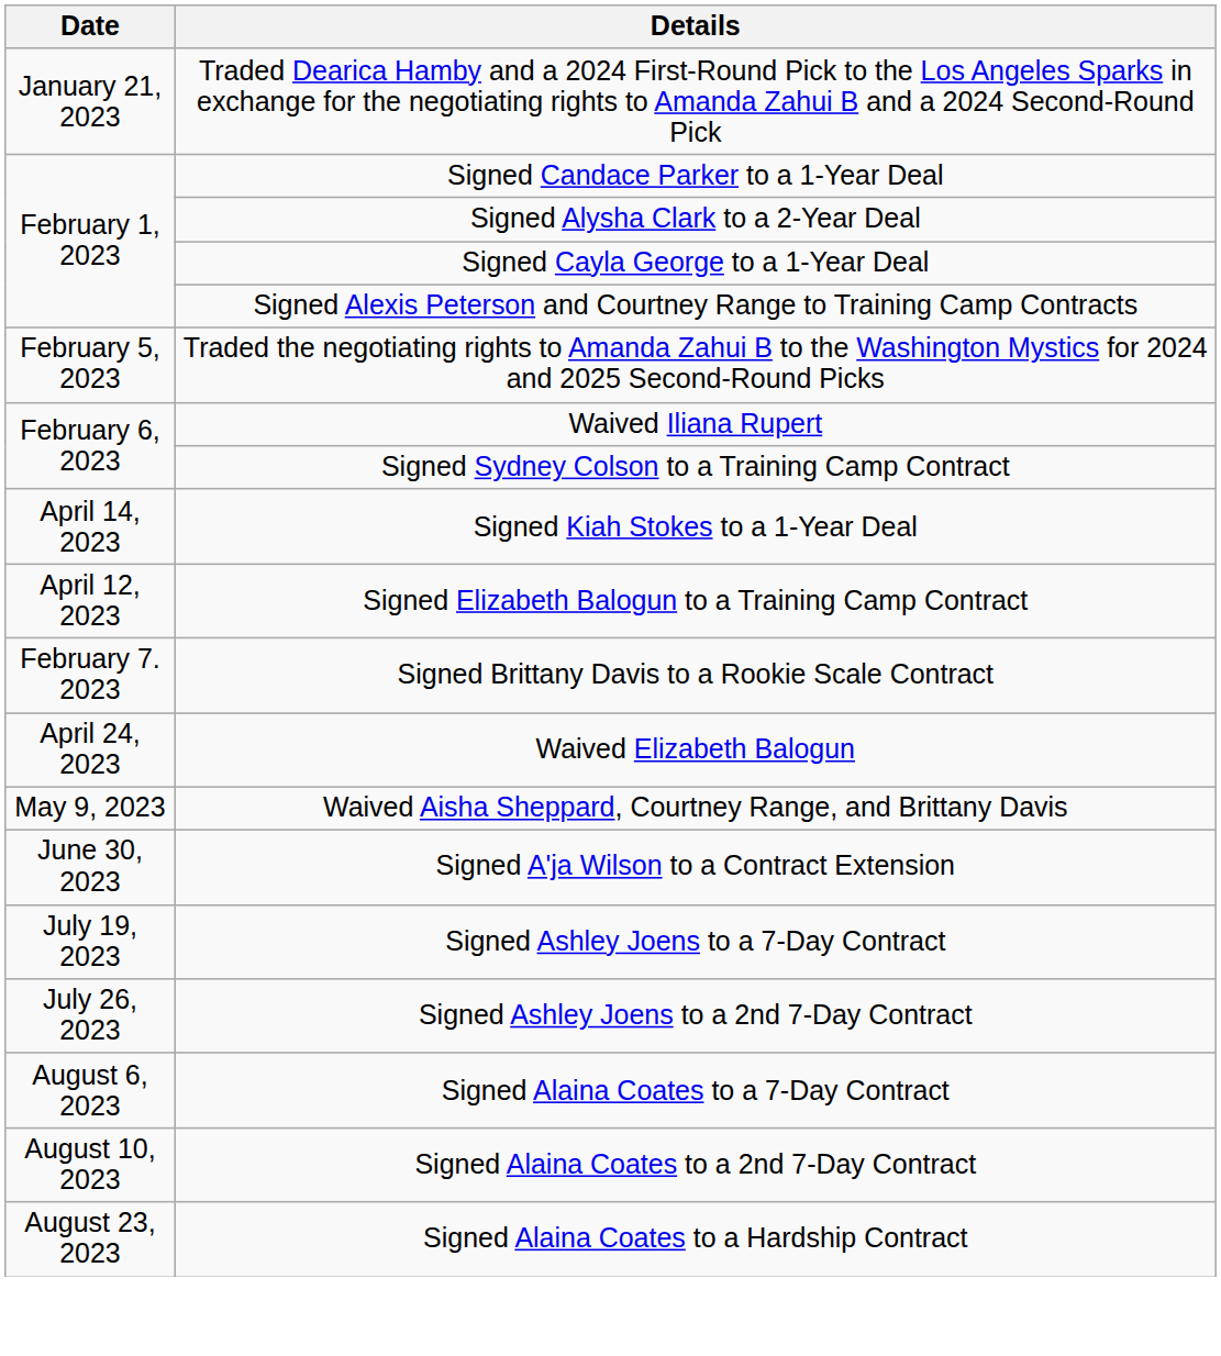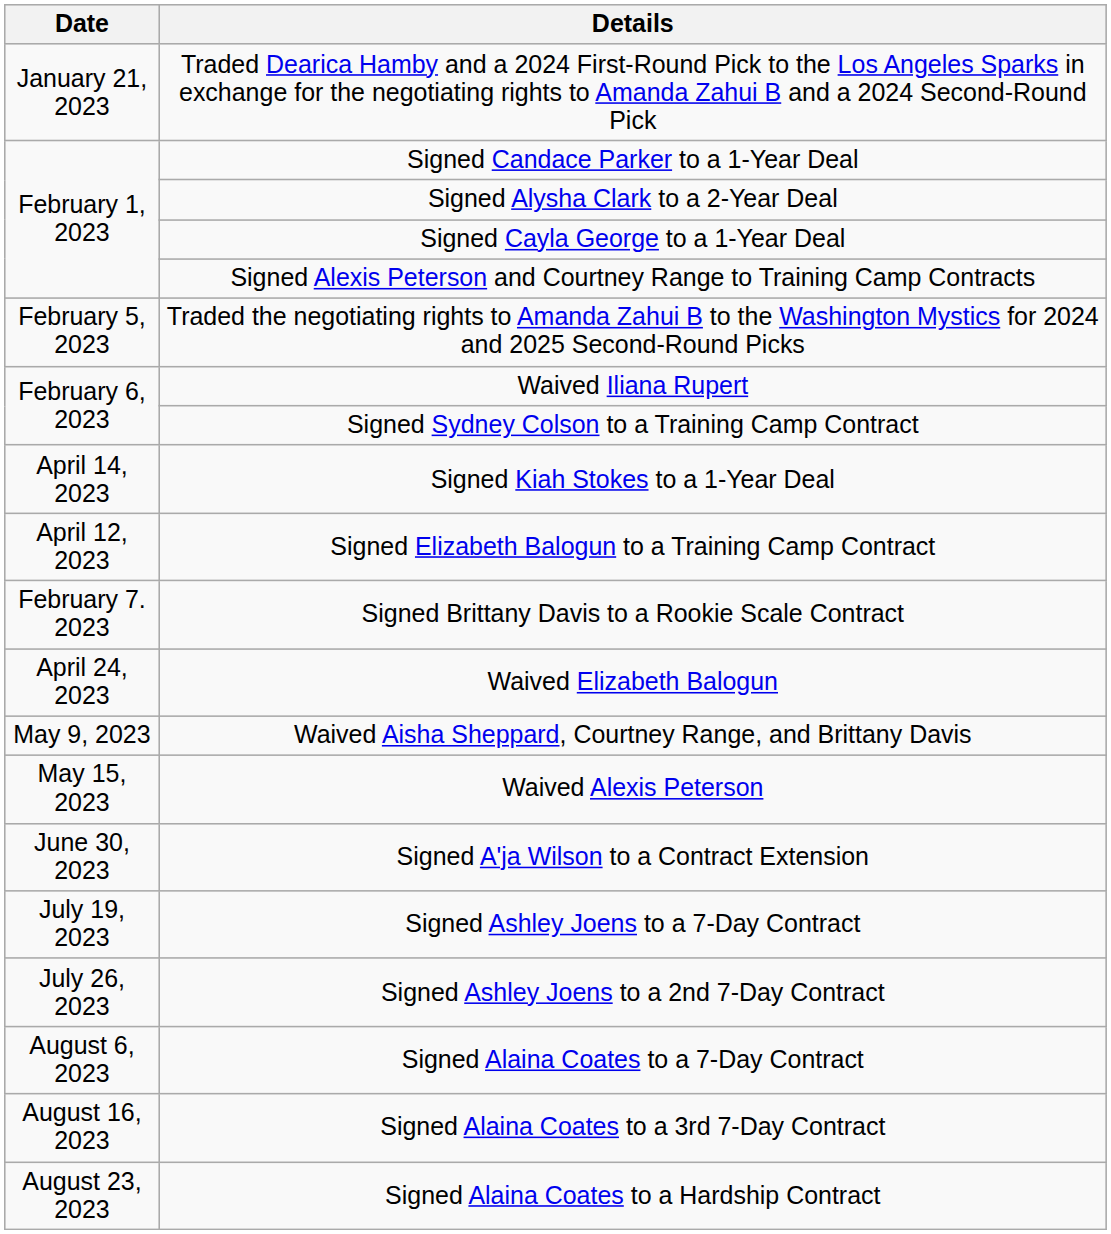 <table class="wikitable" style="width:80%; text-align: center;">
 <tr>
 <th>Date</th>
 <th>Details</th>
 </tr>
 <tr>
 <td>January 21, 2023</td>
 <td>Traded <a href='#'>Dearica Hamby</a> and a 2024 First-Round Pick to the <a href='#'>Los Angeles Sparks</a> in exchange for the negotiating rights to <a href='#'>Amanda Zahui B</a> and a 2024 Second-Round Pick</td>
 </tr>
 <tr>
 <td rowspan=4>February 1, 2023</td>
 <td>Signed <a href='#'>Candace Parker</a> to a 1-Year Deal</td>
 </tr>
 <tr>
 <td>Signed <a href='#'>Alysha Clark</a> to a 2-Year Deal</td>
 </tr>
 <tr>
 <td>Signed <a href='#'>Cayla George</a> to a 1-Year Deal</td>
 </tr>
 <tr>
 <td>Signed <a href='#'>Alexis Peterson</a> and Courtney Range to Training Camp Contracts</td>
 </tr>
 <tr>
 <td>February 5, 2023</td>
 <td>Traded the negotiating rights to <a href='#'>Amanda Zahui B</a> to the <a href='#'>Washington Mystics</a> for 2024 and 2025 Second-Round Picks</td>
 </tr>
 <tr>
 <td rowspan=2>February 6, 2023</td>
 <td>Waived <a href='#'>Iliana Rupert</a></td>
 </tr>
 <tr>
 <td>Signed <a href='#'>Sydney Colson</a> to a Training Camp Contract</td>
 </tr>
 <tr>
 <td>April 14, 2023</td>
 <td>Signed <a href='#'>Kiah Stokes</a> to a 1-Year Deal</td>
 </tr>
 <tr>
 <td>April 12, 2023</td>
 <td>Signed <a href='#'>Elizabeth Balogun</a> to a Training Camp Contract</td>
 </tr>
 <tr>
 <td>February 7. 2023</td>
 <td>Signed Brittany Davis to a Rookie Scale Contract</td>
 </tr>
 <tr>
 <td>April 24, 2023</td>
 <td>Waived <a href='#'>Elizabeth Balogun</a></td>
 </tr>
 <tr>
 <td>May 9, 2023</td>
 <td>Waived <a href='#'>Aisha Sheppard</a>, Courtney Range, and Brittany Davis</td>
 </tr>
 <tr>
+<td>May 15, 2023</td>
+<td>Waived <a href='#'>Alexis Peterson</a></td>
+</tr>
+<tr>
 <td>June 30, 2023</td>
 <td>Signed <a href='#'>A'ja Wilson</a> to a Contract Extension</td>
 </tr>
 <tr>
 <td>July 19, 2023</td>
 <td>Signed <a href='#'>Ashley Joens</a> to a 7-Day Contract</td>
 </tr>
 <tr>
 <td>July 26, 2023</td>
 <td>Signed <a href='#'>Ashley Joens</a> to a 2nd 7-Day Contract</td>
 </tr>
 <tr>
 <td>August 6, 2023</td>
 <td>Signed <a href='#'>Alaina Coates</a> to a 7-Day Contract</td>
 </tr>
 <tr>
-<td>August 10, 2023</td>
-<td>Signed <a href='#'>Alaina Coates</a> to a 2nd 7-Day Contract</td>
+<td>August 16, 2023</td>
+<td>Signed <a href='#'>Alaina Coates</a> to a 3rd 7-Day Contract</td>
 </tr>
 <tr>
 <td>August 23, 2023</td>
 <td>Signed <a href='#'>Alaina Coates</a> to a Hardship Contract</td>
 </tr>
 </table>
